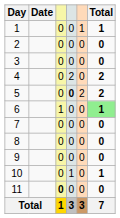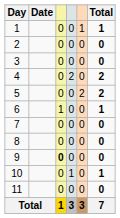 <table class=wikitable style="font-size:85%; float:right; text-align:center">
 <tr>
 <th>Day</th>
 <th>Date</th>
 <td bgcolor=F7F6A8></td>
 <td bgcolor=DCE5E5></td>
 <td bgcolor=FFDAB9></td>
 <th>Total</th>
 </tr>
 <tr>
 <td>1</td>
 <td></td>
 <td bgcolor=F7F6A8>0</td>
 <td bgcolor=DCE5E5>0</td>
 <td bgcolor=FFDAB9>1</td>
 <td><strong>1</strong></td>
 </tr>
 <tr>
 <td>2</td>
 <td></td>
 <td bgcolor=F7F6A8>0</td>
 <td bgcolor=DCE5E5>0</td>
 <td bgcolor=FFDAB9>0</td>
 <td><strong>0</strong></td>
 </tr>
 <tr>
 <td>3</td>
 <td></td>
 <td bgcolor=F7F6A8>0</td>
 <td bgcolor=DCE5E5>0</td>
 <td bgcolor=FFDAB9>0</td>
 <td><strong>0</strong></td>
 </tr>
 <tr>
 <td>4</td>
 <td></td>
 <td bgcolor=F7F6A8>0</td>
 <td bgcolor=DCE5E5>2</td>
 <td bgcolor=FFDAB9>0</td>
 <td><strong>2</strong></td>
 </tr>
 <tr>
 <td>5</td>
 <td></td>
 <td bgcolor=F7F6A8>0</td>
-<td bgcolor=DCE5E5><strong>0</strong></td>
+<td bgcolor=DCE5E5>0</td>
 <td bgcolor=FFDAB9>2</td>
 <td><strong>2</strong></td>
 </tr>
 <tr>
 <td>6</td>
 <td></td>
 <td bgcolor=F7F6A8>1</td>
 <td bgcolor=DCE5E5>0</td>
 <td bgcolor=FFDAB9>0</td>
-<td style="background: lightgreen;"><strong>1</strong></td>
+<td><strong>1</strong></td>
 </tr>
 <tr>
 <td>7</td>
 <td></td>
 <td bgcolor=F7F6A8>0</td>
 <td bgcolor=DCE5E5>0</td>
 <td bgcolor=FFDAB9>0</td>
 <td><strong>0</strong></td>
 </tr>
 <tr>
 <td>8</td>
 <td></td>
 <td bgcolor=F7F6A8>0</td>
 <td bgcolor=DCE5E5>0</td>
 <td bgcolor=FFDAB9>0</td>
 <td><strong>0</strong></td>
 </tr>
 <tr>
 <td>9</td>
 <td></td>
-<td bgcolor=F7F6A8>0</td>
+<td bgcolor=F7F6A8><strong>0</strong></td>
 <td bgcolor=DCE5E5>0</td>
 <td bgcolor=FFDAB9>0</td>
 <td><strong>0</strong></td>
 </tr>
 <tr>
 <td>10</td>
 <td></td>
 <td bgcolor=F7F6A8>0</td>
 <td bgcolor=DCE5E5>1</td>
 <td bgcolor=FFDAB9>0</td>
 <td><strong>1</strong></td>
 </tr>
 <tr>
 <td>11</td>
 <td></td>
-<td bgcolor=F7F6A8><strong>0</strong></td>
+<td bgcolor=F7F6A8>0</td>
 <td bgcolor=DCE5E5>0</td>
 <td bgcolor=FFDAB9>0</td>
 <td><strong>0</strong></td>
 </tr>
 <tr>
 <th colspan=2>Total</th>
 <th style=background:gold>1</th>
 <th style=background:silver>3</th>
 <th style=background:#c96>3</th>
 <th>7</th>
 </tr>
 </table>
